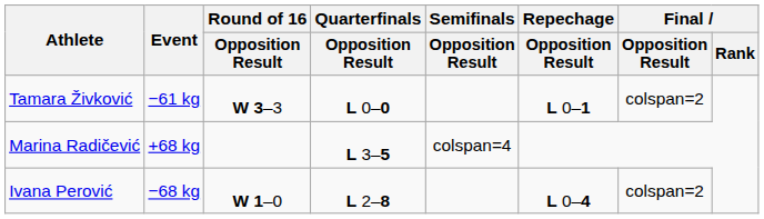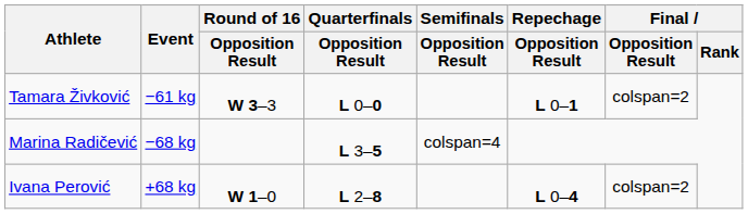 <table class="wikitable" style="font-size:90%">
 <tr>
 <th rowspan="2">Athlete</th>
 <th rowspan="2">Event</th>
 <th>Round of 16</th>
 <th>Quarterfinals</th>
 <th>Semifinals</th>
 <th>Repechage</th>
 <th colspan=2>Final / </th>
 </tr>
 <tr style="font-size:95%">
 <th>Opposition<br>Result</th>
 <th>Opposition<br>Result</th>
 <th>Opposition<br>Result</th>
 <th>Opposition<br>Result</th>
 <th>Opposition<br>Result</th>
 <th>Rank</th>
 </tr>
 <tr align=center>
 <td align=left><a href='#'>Tamara Živković</a></td>
 <td align=left><a href='#'>−61 kg</a></td>
 <td><br><strong>W</strong> <strong>3</strong>–3</td>
 <td><br><strong>L</strong> 0–<strong>0</strong></td>
 <td></td>
 <td><br><strong>L</strong> 0–<strong>1</strong></td>
 <td>colspan=2 </td>
 </tr>
 <tr align=center>
 <td align=left><a href='#'>Marina Radičević</a></td>
-<td align=left><a href='#'>+68 kg</a></td>
+<td align=left><a href='#'>−68 kg</a></td>
 <td></td>
 <td><br><strong>L</strong> 3–<strong>5</strong></td>
 <td>colspan=4 </td>
 </tr>
 <tr align=center>
 <td align=left><a href='#'>Ivana Perović</a></td>
-<td align=left><a href='#'>−68 kg</a></td>
+<td align=left><a href='#'>+68 kg</a></td>
 <td><br><strong>W</strong> <strong>1</strong>–0</td>
 <td><br><strong>L</strong> 2–<strong>8</strong></td>
 <td></td>
 <td><br><strong>L</strong> 0–<strong>4</strong></td>
 <td>colspan=2 </td>
 </tr>
 </table>
